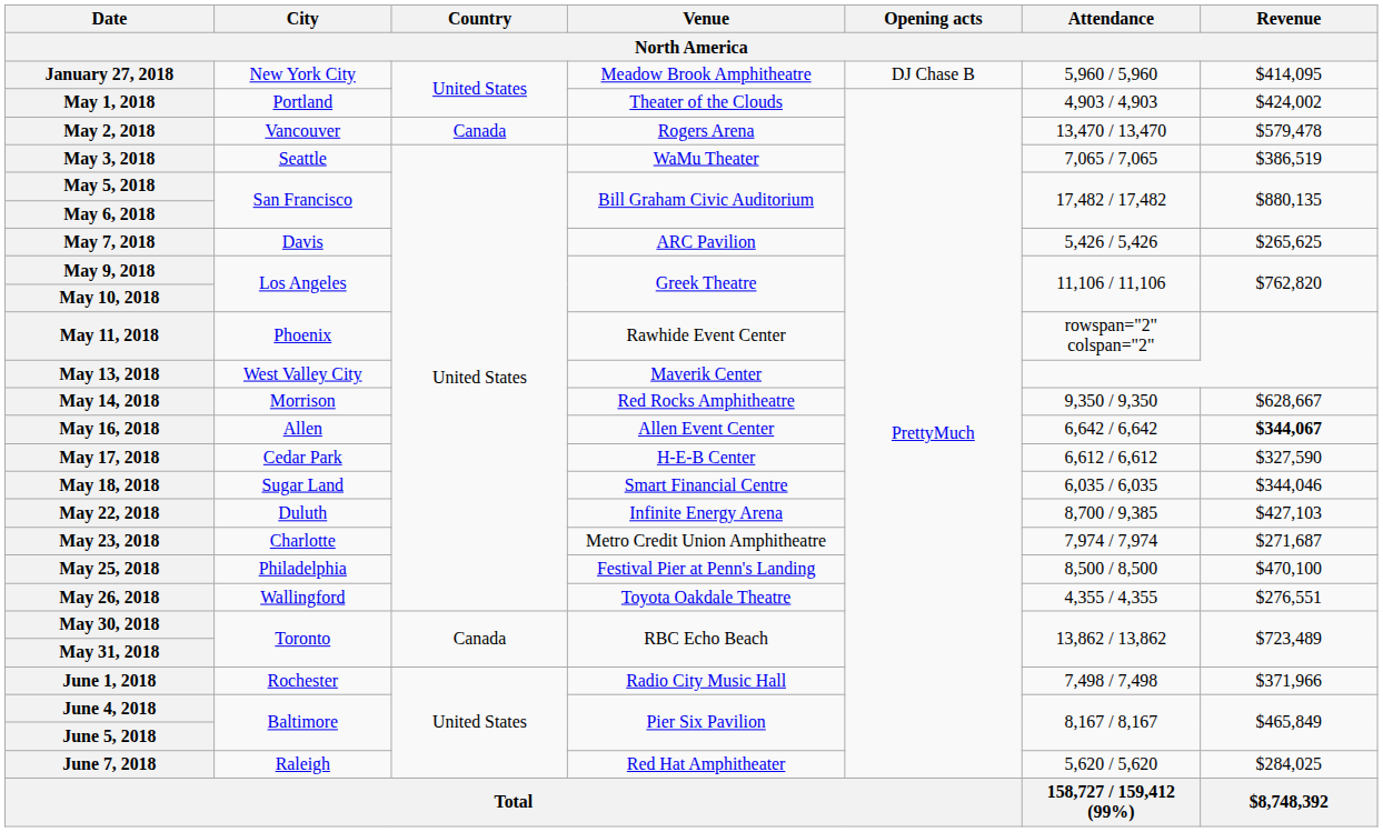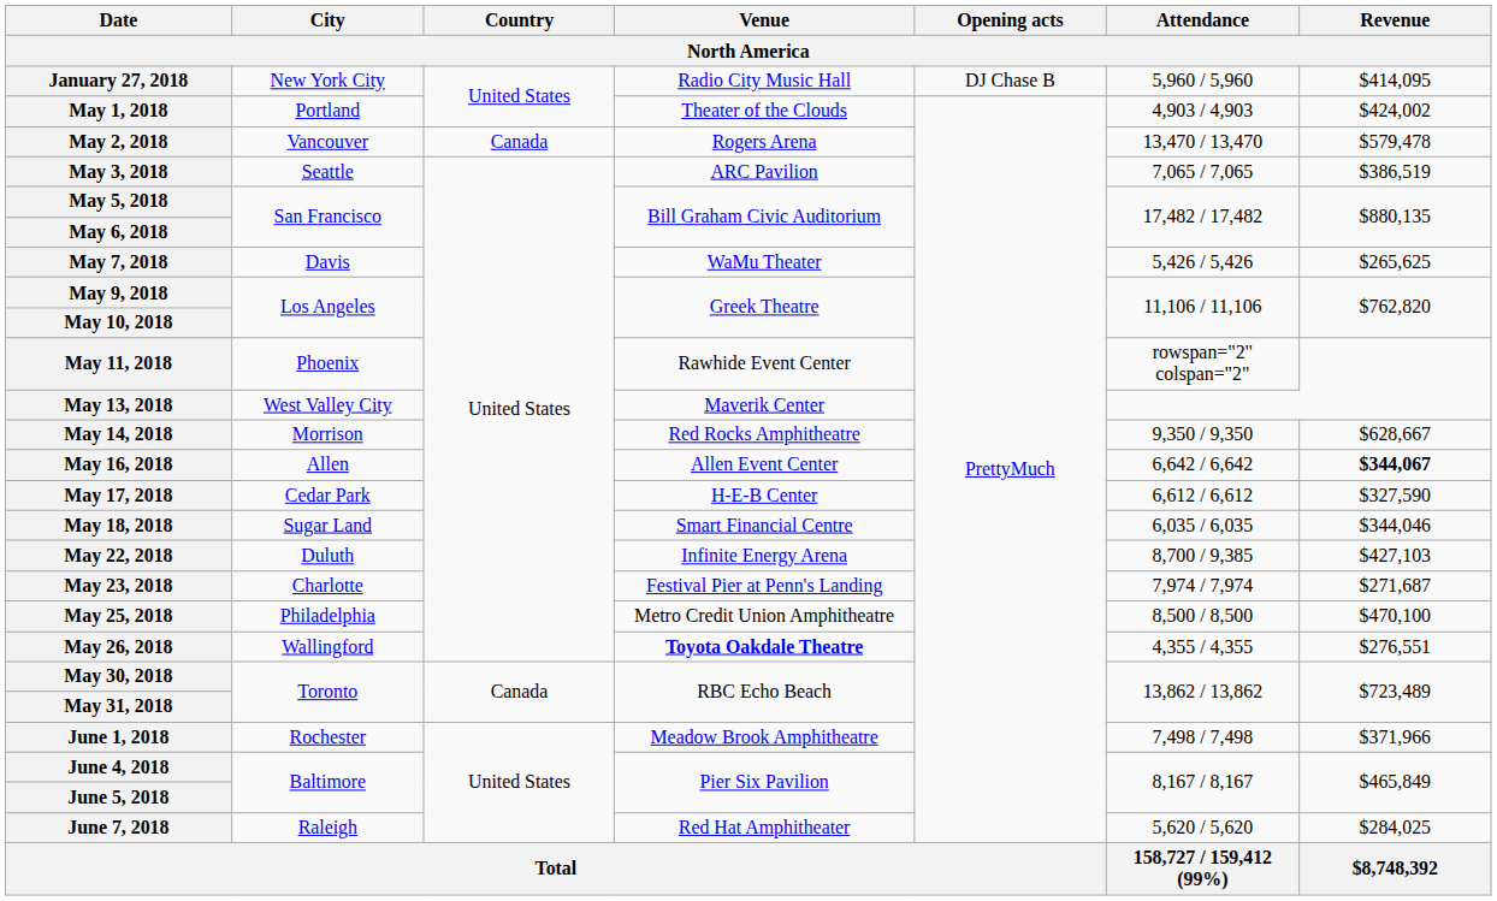 <table class="wikitable plainrowheaders" style="text-align:center;">
 <tr>
 <th scope="col" style="width:12em;">Date</th>
 <th scope="col" style="width:10em;">City</th>
 <th scope="col" style="width:10em;">Country</th>
 <th scope="col" style="width:16em;">Venue</th>
 <th scope="col" style="width:10em;">Opening acts</th>
 <th scope="col" style="width:10em;">Attendance</th>
 <th scope="col" style="width:10em;">Revenue</th>
 </tr>
 <tr>
 <th colspan="7">North America</th>
 </tr>
 <tr>
 <th scope="row" style="text-align:center;">January 27, 2018</th>
 <td><a href='#'>New York City</a></td>
 <td rowspan="2"><a href='#'>United States</a></td>
-<td><a href='#'>Meadow Brook Amphitheatre</a></td>
+<td><a href='#'>Radio City Music Hall</a></td>
 <td>DJ Chase B</td>
 <td>5,960 / 5,960</td>
 <td>$414,095</td>
 </tr>
 <tr>
 <th scope="row" style="text-align:center;">May 1, 2018</th>
 <td><a href='#'>Portland</a></td>
 <td><a href='#'>Theater of the Clouds</a></td>
 <td rowspan="24"><a href='#'>PrettyMuch</a></td>
 <td>4,903 / 4,903</td>
 <td>$424,002</td>
 </tr>
 <tr>
 <th scope="row" style="text-align:center;">May 2, 2018</th>
 <td><a href='#'>Vancouver</a></td>
 <td><a href='#'>Canada</a></td>
 <td><a href='#'>Rogers Arena</a></td>
 <td>13,470 / 13,470</td>
 <td>$579,478</td>
 </tr>
 <tr>
 <th scope="row" style="text-align:center;">May 3, 2018</th>
 <td><a href='#'>Seattle</a></td>
 <td rowspan="16">United States</td>
-<td><a href='#'>WaMu Theater</a></td>
+<td><a href='#'>ARC Pavilion</a></td>
 <td>7,065 / 7,065</td>
 <td>$386,519</td>
 </tr>
 <tr>
 <th scope="row" style="text-align:center;">May 5, 2018</th>
 <td rowspan="2"><a href='#'>San Francisco</a></td>
 <td rowspan="2"><a href='#'>Bill Graham Civic Auditorium</a></td>
 <td rowspan="2">17,482 / 17,482</td>
 <td rowspan="2">$880,135</td>
 </tr>
 <tr>
 <th scope="row" style="text-align:center;">May 6, 2018</th>
 </tr>
 <tr>
 <th scope="row" style="text-align:center;">May 7, 2018</th>
 <td><a href='#'>Davis</a></td>
-<td><a href='#'>ARC Pavilion</a></td>
+<td><a href='#'>WaMu Theater</a></td>
 <td>5,426 / 5,426</td>
 <td>$265,625</td>
 </tr>
 <tr>
 <th scope="row" style="text-align:center;">May 9, 2018</th>
 <td rowspan="2"><a href='#'>Los Angeles</a></td>
 <td rowspan="2"><a href='#'>Greek Theatre</a></td>
 <td rowspan="2">11,106 / 11,106</td>
 <td rowspan="2">$762,820</td>
 </tr>
 <tr>
 <th scope="row" style="text-align:center;">May 10, 2018</th>
 </tr>
 <tr>
 <th scope="row" style="text-align:center;">May 11, 2018</th>
 <td><a href='#'>Phoenix</a></td>
 <td>Rawhide Event Center</td>
 <td>rowspan="2" colspan="2" </td>
 </tr>
 <tr>
 <th scope="row" style="text-align:center;">May 13, 2018</th>
 <td><a href='#'>West Valley City</a></td>
 <td><a href='#'>Maverik Center</a></td>
 </tr>
 <tr>
 <th scope="row" style="text-align:center;">May 14, 2018</th>
 <td><a href='#'>Morrison</a></td>
 <td><a href='#'>Red Rocks Amphitheatre</a></td>
 <td>9,350 / 9,350</td>
 <td>$628,667</td>
 </tr>
 <tr>
 <th scope="row" style="text-align:center;">May 16, 2018</th>
 <td><a href='#'>Allen</a></td>
 <td><a href='#'>Allen Event Center</a></td>
 <td>6,642 / 6,642</td>
 <td><strong>$344,067</strong></td>
 </tr>
 <tr>
 <th scope="row" style="text-align:center;">May 17, 2018</th>
 <td><a href='#'>Cedar Park</a></td>
 <td><a href='#'>H-E-B Center</a></td>
 <td>6,612 / 6,612</td>
 <td>$327,590</td>
 </tr>
 <tr>
 <th scope="row" style="text-align:center;">May 18, 2018</th>
 <td><a href='#'>Sugar Land</a></td>
 <td><a href='#'>Smart Financial Centre</a></td>
 <td>6,035 / 6,035</td>
 <td>$344,046</td>
 </tr>
 <tr>
 <th scope="row" style="text-align:center;">May 22, 2018</th>
 <td><a href='#'>Duluth</a></td>
 <td><a href='#'>Infinite Energy Arena</a></td>
 <td>8,700 / 9,385</td>
 <td>$427,103</td>
 </tr>
 <tr>
 <th scope="row" style="text-align:center;">May 23, 2018</th>
 <td><a href='#'>Charlotte</a></td>
-<td>Metro Credit Union Amphitheatre</td>
+<td><a href='#'>Festival Pier at Penn's Landing</a></td>
 <td>7,974 / 7,974</td>
 <td>$271,687</td>
 </tr>
 <tr>
 <th scope="row" style="text-align:center;">May 25, 2018</th>
 <td><a href='#'>Philadelphia</a></td>
-<td><a href='#'>Festival Pier at Penn's Landing</a></td>
+<td>Metro Credit Union Amphitheatre</td>
 <td>8,500 / 8,500</td>
 <td>$470,100</td>
 </tr>
 <tr>
 <th scope="row" style="text-align:center;">May 26, 2018</th>
 <td><a href='#'>Wallingford</a></td>
-<td><a href='#'>Toyota Oakdale Theatre</a></td>
+<td><strong><a href='#'>Toyota Oakdale Theatre</a></strong></td>
 <td>4,355 / 4,355</td>
 <td>$276,551</td>
 </tr>
 <tr>
 <th scope="row" style="text-align:center;">May 30, 2018</th>
 <td rowspan="2"><a href='#'>Toronto</a></td>
 <td rowspan="2">Canada</td>
 <td rowspan="2">RBC Echo Beach</td>
 <td rowspan="2">13,862 / 13,862</td>
 <td rowspan="2">$723,489</td>
 </tr>
 <tr>
 <th scope="row" style="text-align:center;">May 31, 2018</th>
 </tr>
 <tr>
 <th scope="row" style="text-align:center;">June 1, 2018</th>
 <td><a href='#'>Rochester</a></td>
 <td rowspan="4">United States</td>
-<td><a href='#'>Radio City Music Hall</a></td>
+<td><a href='#'>Meadow Brook Amphitheatre</a></td>
 <td>7,498 / 7,498</td>
 <td>$371,966</td>
 </tr>
 <tr>
 <th scope="row" style="text-align:center;">June 4, 2018</th>
 <td rowspan="2"><a href='#'>Baltimore</a></td>
 <td rowspan="2"><a href='#'>Pier Six Pavilion</a></td>
 <td rowspan="2">8,167 / 8,167</td>
 <td rowspan="2">$465,849</td>
 </tr>
 <tr>
 <th scope="row" style="text-align:center;">June 5, 2018</th>
 </tr>
 <tr>
 <th scope="row" style="text-align:center;">June 7, 2018</th>
 <td><a href='#'>Raleigh</a></td>
 <td><a href='#'>Red Hat Amphitheater</a></td>
 <td>5,620 / 5,620</td>
 <td>$284,025</td>
 </tr>
 <tr>
 <th colspan="5">Total</th>
 <th>158,727 / 159,412 (99%)</th>
 <th>$8,748,392</th>
 </tr>
 </table>
